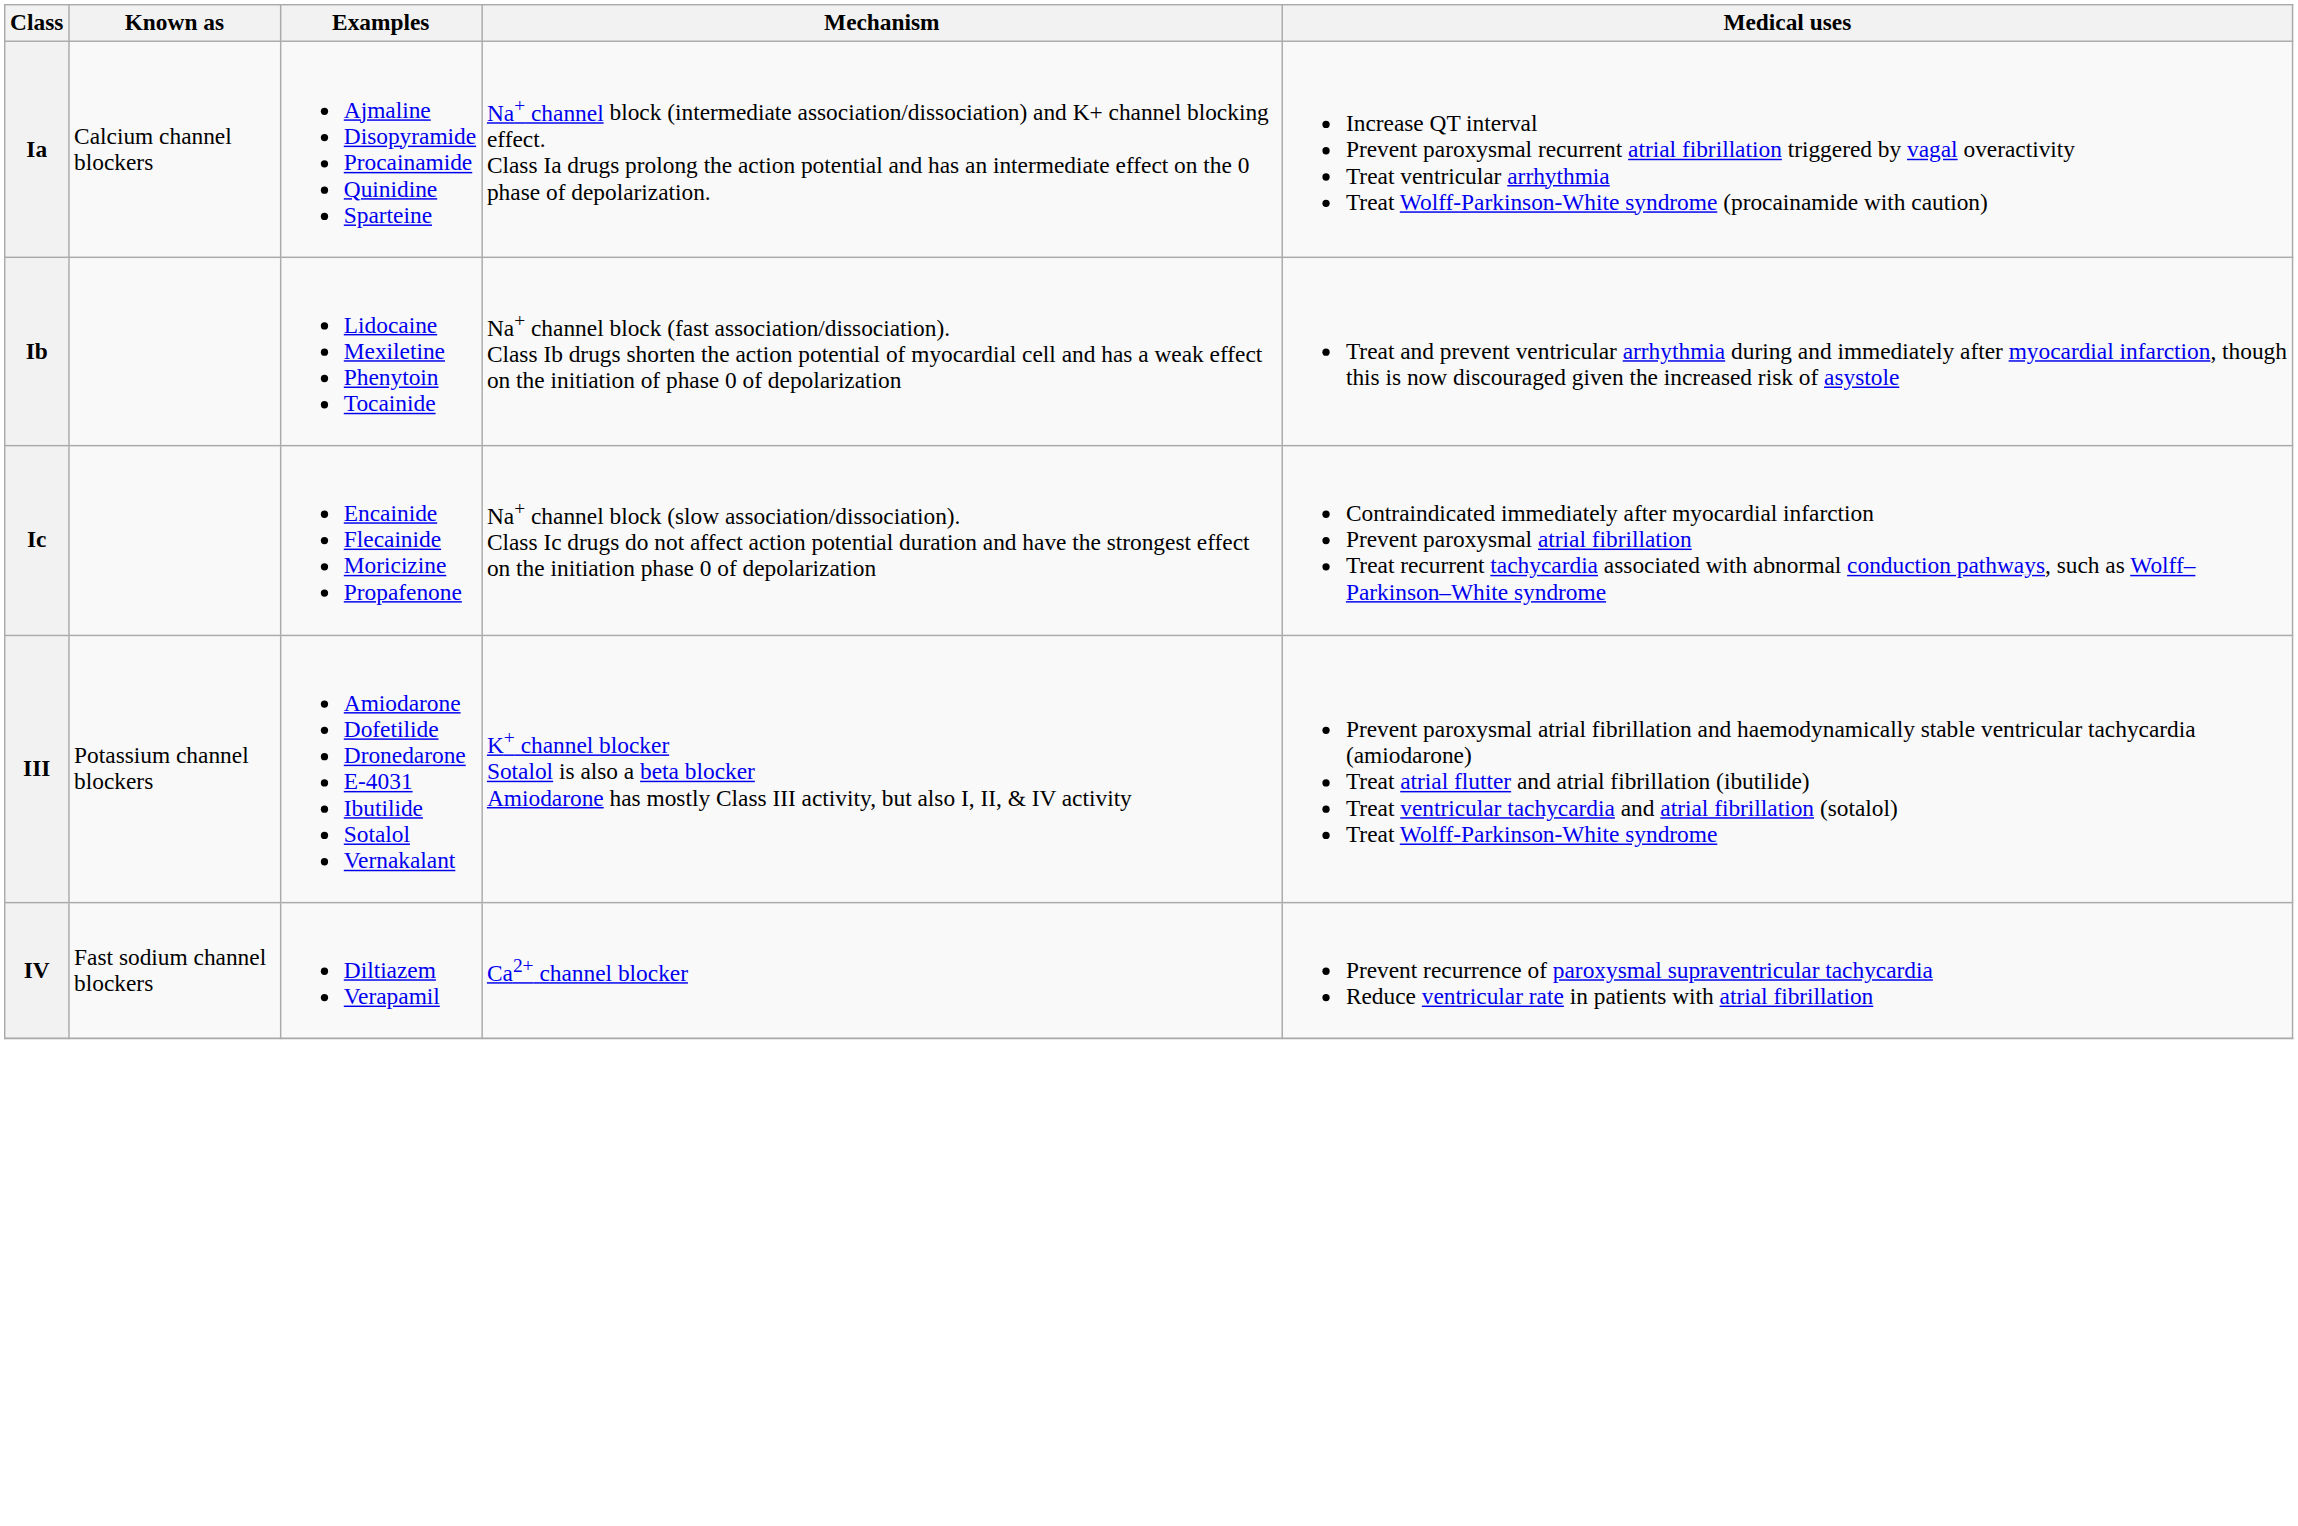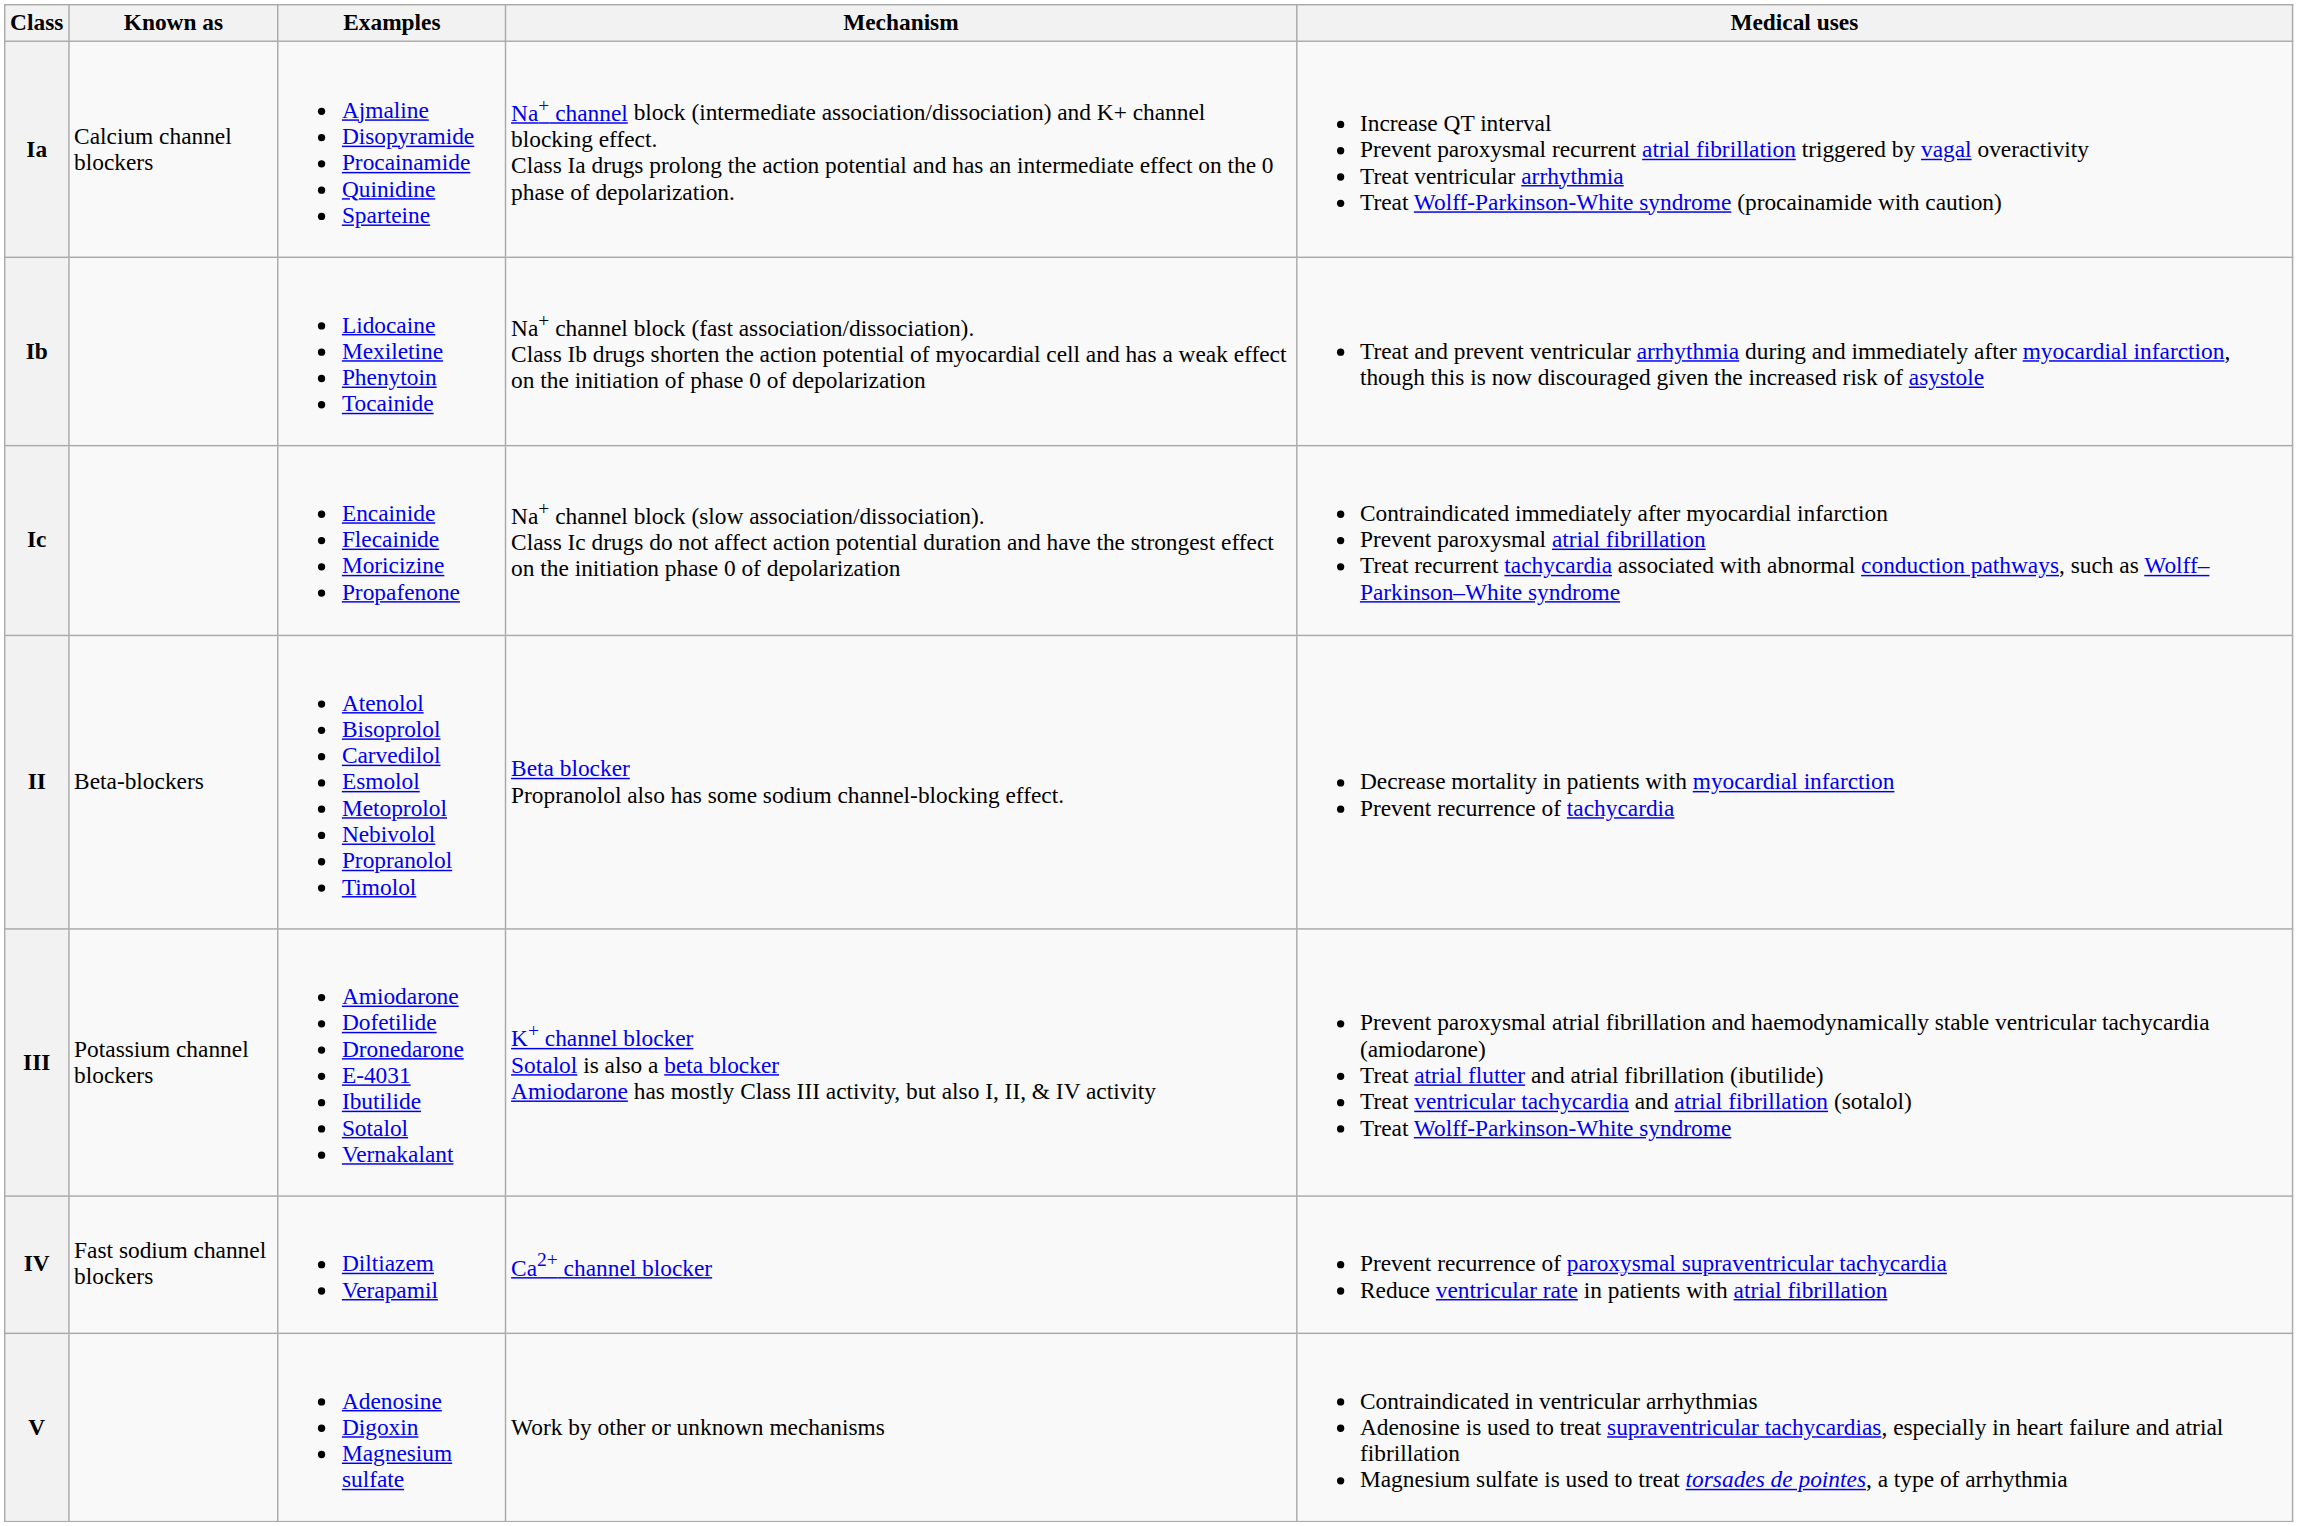 <table class="wikitable">
 <tr>
 <th>Class</th>
 <th>Known as</th>
 <th>Examples</th>
 <th>Mechanism</th>
 <th>Medical uses</th>
 </tr>
 <tr>
 <th>Ia</th>
 <td>Calcium channel blockers</td>
 <td><br><ul><li><a href='#'>Ajmaline</a></li><li><a href='#'>Disopyramide</a></li><li><a href='#'>Procainamide</a></li><li><a href='#'>Quinidine</a></li><li><a href='#'>Sparteine</a></li></ul></td>
 <td><a href='#'>Na<sup>+</sup> channel</a> block (intermediate association/dissociation) and K+ channel blocking effect.<br>Class Ia drugs prolong the action potential and has an intermediate effect on the 0 phase of depolarization.</td>
 <td><br><ul><li>Increase QT interval</li><li>Prevent paroxysmal recurrent <a href='#'>atrial fibrillation</a> triggered by <a href='#'>vagal</a> overactivity</li><li>Treat ventricular <a href='#'>arrhythmia</a></li><li>Treat <a href='#'>Wolff-Parkinson-White syndrome</a> (procainamide with caution)</li></ul></td>
 </tr>
 <tr>
 <th>Ib</th>
 <td></td>
 <td><br><ul><li><a href='#'>Lidocaine</a></li><li><a href='#'>Mexiletine</a></li><li><a href='#'>Phenytoin</a></li><li><a href='#'>Tocainide</a></li></ul></td>
 <td>Na<sup>+</sup> channel block (fast association/dissociation).<br>Class Ib drugs shorten the action potential of myocardial cell and has a weak effect on the initiation of phase 0 of depolarization</td>
 <td><br><ul><li>Treat and prevent ventricular <a href='#'>arrhythmia</a> during and immediately after <a href='#'>myocardial infarction</a>, though this is now discouraged given the increased risk of <a href='#'>asystole</a></li></ul></td>
 </tr>
 <tr>
 <th>Ic</th>
 <td></td>
 <td><br><ul><li><a href='#'>Encainide</a></li><li><a href='#'>Flecainide</a></li><li><a href='#'>Moricizine</a></li><li><a href='#'>Propafenone</a></li></ul></td>
 <td>Na<sup>+</sup> channel block (slow association/dissociation).<br>Class Ic drugs do not affect action potential duration and have the strongest effect on the initiation phase 0 of depolarization</td>
 <td><br><ul><li>Contraindicated immediately after myocardial infarction</li><li>Prevent paroxysmal <a href='#'>atrial fibrillation</a></li><li>Treat recurrent <a href='#'>tachycardia</a> associated with abnormal <a href='#'>conduction pathways</a>, such as <a href='#'>Wolff–Parkinson–White syndrome</a></li></ul></td>
 </tr>
 <tr>
+<th>II</th>
+<td>Beta-blockers</td>
+<td><br><ul><li><a href='#'>Atenolol</a></li><li><a href='#'>Bisoprolol</a></li><li><a href='#'>Carvedilol</a></li><li><a href='#'>Esmolol</a></li><li><a href='#'>Metoprolol</a></li><li><a href='#'>Nebivolol</a></li><li><a href='#'>Propranolol</a></li><li><a href='#'>Timolol</a></li></ul></td>
+<td><a href='#'>Beta blocker</a><br>Propranolol also has some sodium channel-blocking effect.</td>
+<td><br><ul><li>Decrease mortality in patients with <a href='#'>myocardial infarction</a></li><li>Prevent recurrence of <a href='#'>tachycardia</a></li></ul></td>
+</tr>
+<tr>
 <th>III</th>
 <td>Potassium channel blockers</td>
 <td><br><ul><li><a href='#'>Amiodarone</a></li><li><a href='#'>Dofetilide</a></li><li><a href='#'>Dronedarone</a></li><li><a href='#'>E-4031</a></li><li><a href='#'>Ibutilide</a></li><li><a href='#'>Sotalol</a></li><li><a href='#'>Vernakalant</a></li></ul></td>
 <td><a href='#'>K<sup>+</sup> channel blocker</a><br><a href='#'>Sotalol</a> is also a <a href='#'>beta blocker</a><br> <a href='#'>Amiodarone</a> has mostly Class III activity, but also I, II, & IV activity</td>
 <td><br><ul><li>Prevent paroxysmal atrial fibrillation and haemodynamically stable ventricular tachycardia (amiodarone)</li><li>Treat <a href='#'>atrial flutter</a> and atrial fibrillation (ibutilide)</li><li>Treat <a href='#'>ventricular tachycardia</a> and <a href='#'>atrial fibrillation</a> (sotalol)</li><li>Treat <a href='#'>Wolff-Parkinson-White syndrome</a></li></ul></td>
 </tr>
 <tr>
 <th>IV</th>
 <td>Fast sodium channel blockers</td>
 <td><br><ul><li><a href='#'>Diltiazem</a></li><li><a href='#'>Verapamil</a></li></ul></td>
 <td><a href='#'>Ca<sup>2+</sup> channel blocker</a></td>
 <td><br><ul><li>Prevent recurrence of <a href='#'>paroxysmal supraventricular tachycardia</a></li><li>Reduce <a href='#'>ventricular rate</a> in patients with <a href='#'>atrial fibrillation</a></li></ul></td>
 </tr>
 <tr>
+<th>V</th>
+<td></td>
+<td><br><ul><li><a href='#'>Adenosine</a></li><li><a href='#'>Digoxin</a></li><li><a href='#'>Magnesium sulfate</a></li></ul></td>
+<td>Work by other or unknown mechanisms</td>
+<td><br><ul><li>Contraindicated in ventricular arrhythmias</li><li>Adenosine is used to treat <a href='#'>supraventricular tachycardias</a>, especially in heart failure and atrial fibrillation</li><li>Magnesium sulfate is used to treat <em><a href='#'>torsades de pointes</a></em>, a type of arrhythmia</li></ul></td>
+</tr>
+<tr>
 </tr>
 </table>
